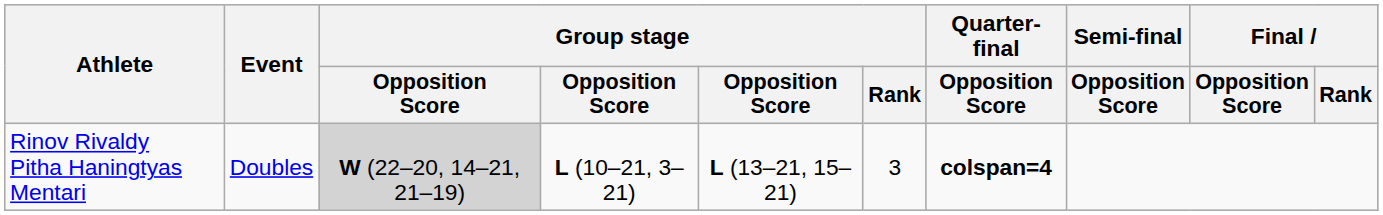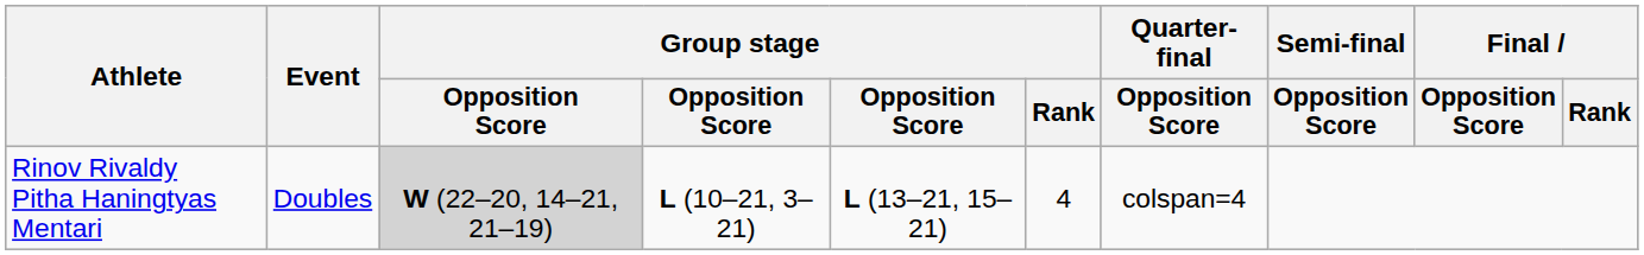 <table class="wikitable" style="font-size:90%">
 <tr>
 <th rowspan="2">Athlete</th>
 <th rowspan="2">Event</th>
 <th colspan="4">Group stage</th>
 <th>Quarter-final</th>
 <th>Semi-final</th>
 <th colspan="2">Final / </th>
 </tr>
 <tr style="font-size:95%">
 <th>Opposition<br>Score</th>
 <th>Opposition<br>Score</th>
 <th>Opposition<br>Score</th>
 <th>Rank</th>
 <th>Opposition<br>Score</th>
 <th>Opposition<br>Score</th>
 <th>Opposition<br>Score</th>
 <th>Rank</th>
 </tr>
 <tr align="center">
 <td align="left"><a href='#'>Rinov Rivaldy</a><br><a href='#'>Pitha Haningtyas Mentari</a></td>
 <td align="left"><a href='#'>Doubles</a></td>
 <td style="background: lightgrey;"><br><strong>W</strong> (22–20, 14–21, 21–19)</td>
 <td><br><strong>L</strong> (10–21, 3–21)</td>
 <td><br><strong>L</strong> (13–21, 15–21)</td>
-<td>3</td>
-<td><strong>colspan=4 </strong></td>
+<td>4</td>
+<td>colspan=4 </td>
 </tr>
 </table>
